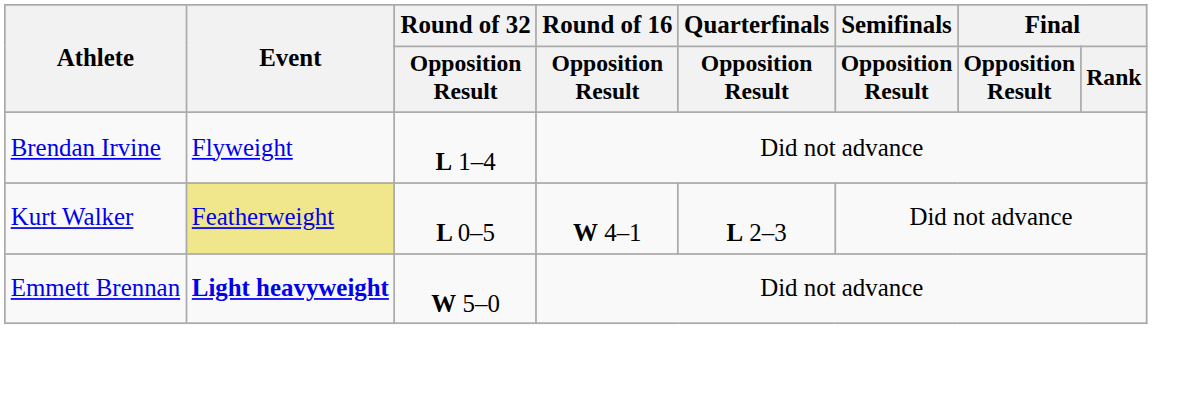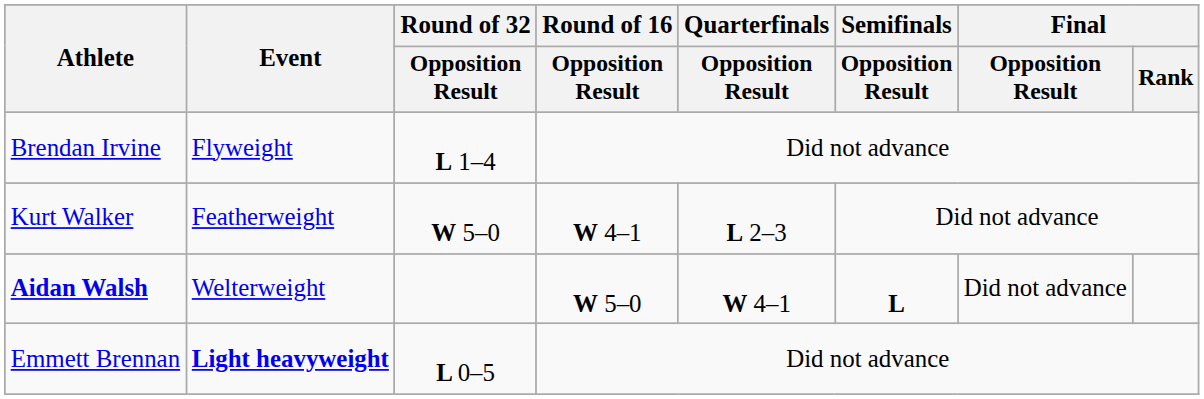 <table class="wikitable" style="font-size:90%">
 <tr>
 <th rowspan="2">Athlete</th>
 <th rowspan="2">Event</th>
 <th>Round of 32</th>
 <th>Round of 16</th>
 <th>Quarterfinals</th>
 <th>Semifinals</th>
 <th colspan=2>Final</th>
 </tr>
 <tr style="font-size:95%">
 <th>Opposition<br>Result</th>
 <th>Opposition<br>Result</th>
 <th>Opposition<br>Result</th>
 <th>Opposition<br>Result</th>
 <th>Opposition<br>Result</th>
 <th>Rank</th>
 </tr>
 <tr align=center>
 <td align=left><a href='#'>Brendan Irvine</a></td>
 <td align=left><a href='#'>Flyweight</a></td>
 <td><br><strong>L</strong> 1–4</td>
 <td colspan=5>Did not advance</td>
 </tr>
 <tr align=center>
 <td align=left><a href='#'>Kurt Walker</a></td>
-<td align=left style="background: khaki;"><a href='#'>Featherweight</a></td>
-<td><br><strong>L </strong> 0–5</td>
+<td align=left><a href='#'>Featherweight</a></td>
+<td><br> <strong>W</strong> 5–0</td>
 <td><br><strong>W</strong> 4–1</td>
 <td><br> <strong>L</strong> 2–3</td>
 <td colspan=3>Did not advance</td>
 </tr>
 <tr align=center>
+<td align=left><strong><a href='#'>Aidan Walsh</a></strong></td>
+<td align=left><a href='#'>Welterweight</a></td>
+<td></td>
+<td><br> <strong>W</strong> 5–0</td>
+<td><br><strong>W</strong> 4–1</td>
+<td><br><strong>L</strong> </td>
+<td>Did not advance</td>
+<td></td>
+</tr>
+<tr align=center>
 <td align=left><a href='#'>Emmett Brennan</a></td>
 <td align=left><strong><a href='#'>Light heavyweight</a></strong></td>
-<td><br> <strong>W</strong> 5–0</td>
+<td><br><strong>L </strong> 0–5</td>
 <td colspan=5>Did not advance</td>
 </tr>
 </table>
